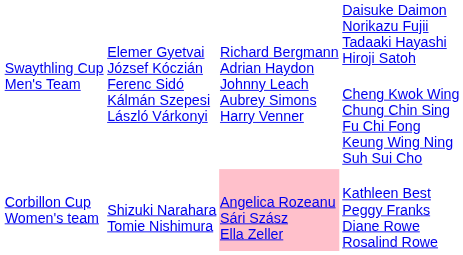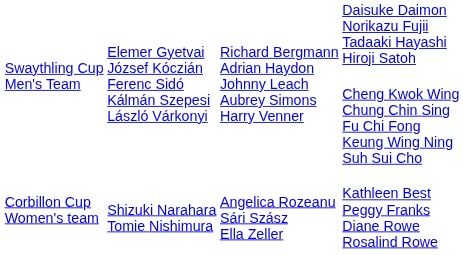 <table>
 <tr>
 <td rowspan=2><a href='#'>Swaythling Cup<br>Men's Team</a></td>
 <td rowspan=2><br><a href='#'>Elemer Gyetvai</a><br><a href='#'>József Kóczián</a><br><a href='#'>Ferenc Sidó</a><br><a href='#'>Kálmán Szepesi</a><br><a href='#'>László Várkonyi</a></td>
 <td rowspan=2><br><a href='#'>Richard Bergmann</a><br><a href='#'>Adrian Haydon</a><br><a href='#'>Johnny Leach</a><br><a href='#'>Aubrey Simons</a><br><a href='#'>Harry Venner</a></td>
 <td><br><a href='#'>Daisuke Daimon</a><br><a href='#'>Norikazu Fujii</a><br><a href='#'>Tadaaki Hayashi</a><br><a href='#'>Hiroji Satoh</a></td>
 </tr>
 <tr>
 <td><br><a href='#'>Cheng Kwok Wing</a><br><a href='#'>Chung Chin Sing</a><br><a href='#'>Fu Chi Fong</a><br><a href='#'>Keung Wing Ning</a><br><a href='#'>Suh Sui Cho</a></td>
 </tr>
 <tr>
 <td><a href='#'>Corbillon Cup<br>Women's team</a></td>
 <td><br><a href='#'>Shizuki Narahara</a><br><a href='#'>Tomie Nishimura</a></td>
-<td style="background: pink;"><br><a href='#'>Angelica Rozeanu</a><br><a href='#'>Sári Szász</a> <br><a href='#'>Ella Zeller</a></td>
+<td><br><a href='#'>Angelica Rozeanu</a><br><a href='#'>Sári Szász</a> <br><a href='#'>Ella Zeller</a></td>
 <td><br><a href='#'>Kathleen Best</a><br><a href='#'>Peggy Franks</a><br><a href='#'>Diane Rowe</a><br><a href='#'>Rosalind Rowe</a></td>
 </tr>
 </table>
